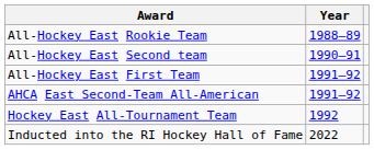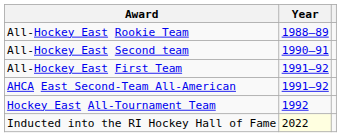 <table class="wikitable">
 <tr>
 <th>Award</th>
 <th>Year</th>
 <th></th>
 </tr>
 <tr>
 <td>All-<a href='#'>Hockey East</a> <a href='#'>Rookie Team</a></td>
 <td><a href='#'>1988–89</a></td>
 <td></td>
 </tr>
 <tr>
 <td>All-<a href='#'>Hockey East</a> <a href='#'>Second team</a></td>
 <td><a href='#'>1990–91</a></td>
 <td></td>
 </tr>
 <tr>
 <td>All-<a href='#'>Hockey East</a> <a href='#'>First Team</a></td>
 <td><a href='#'>1991–92</a></td>
 <td></td>
 </tr>
 <tr>
 <td><a href='#'>AHCA</a> <a href='#'>East Second-Team All-American</a></td>
 <td><a href='#'>1991–92</a></td>
 <td></td>
 </tr>
 <tr>
 <td><a href='#'>Hockey East</a> <a href='#'>All-Tournament Team</a></td>
 <td><a href='#'>1992</a></td>
 <td></td>
 </tr>
 <tr>
 <td>Inducted into the RI Hockey Hall of Fame</td>
-<td>2022</td>
+<td style="background: lightyellow;">2022</td>
 </tr>
 </table>
